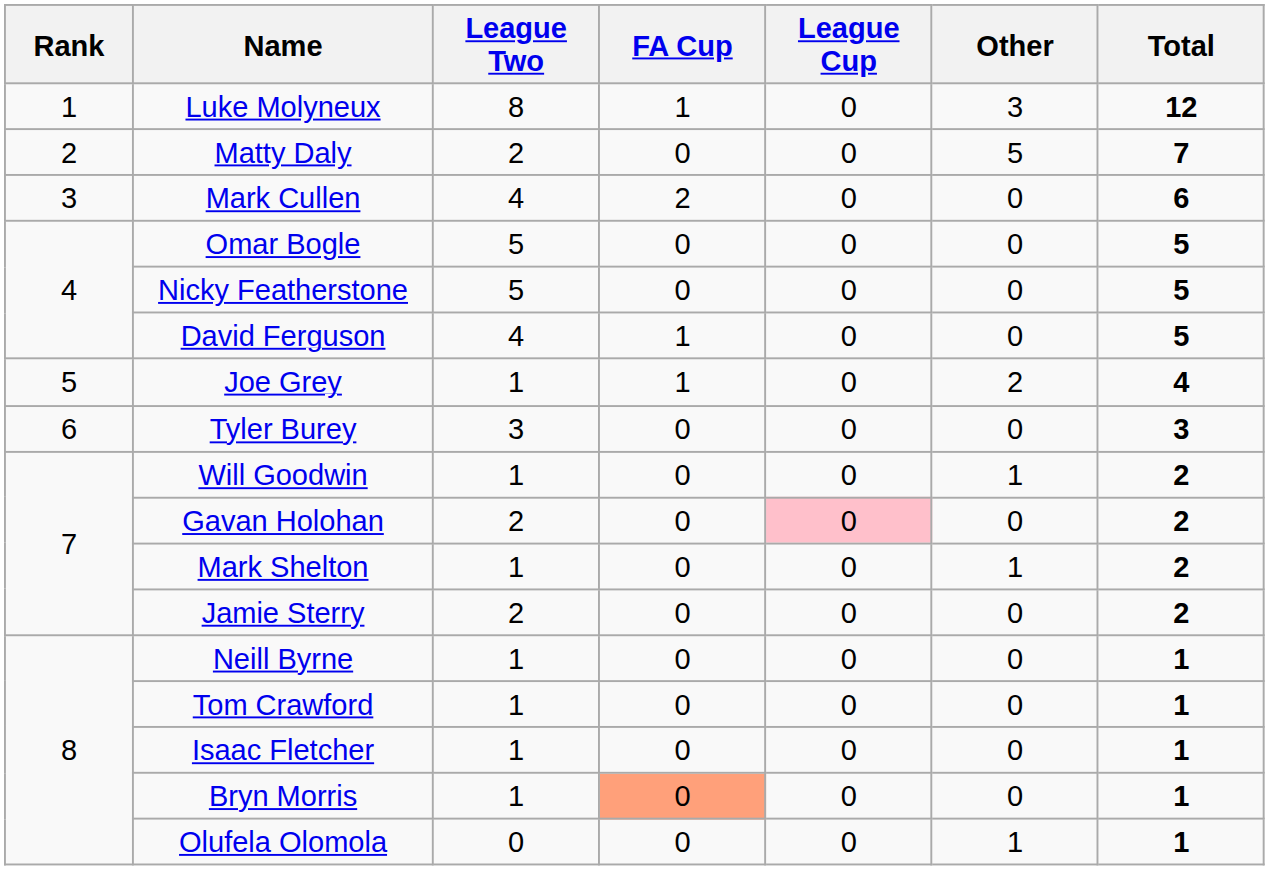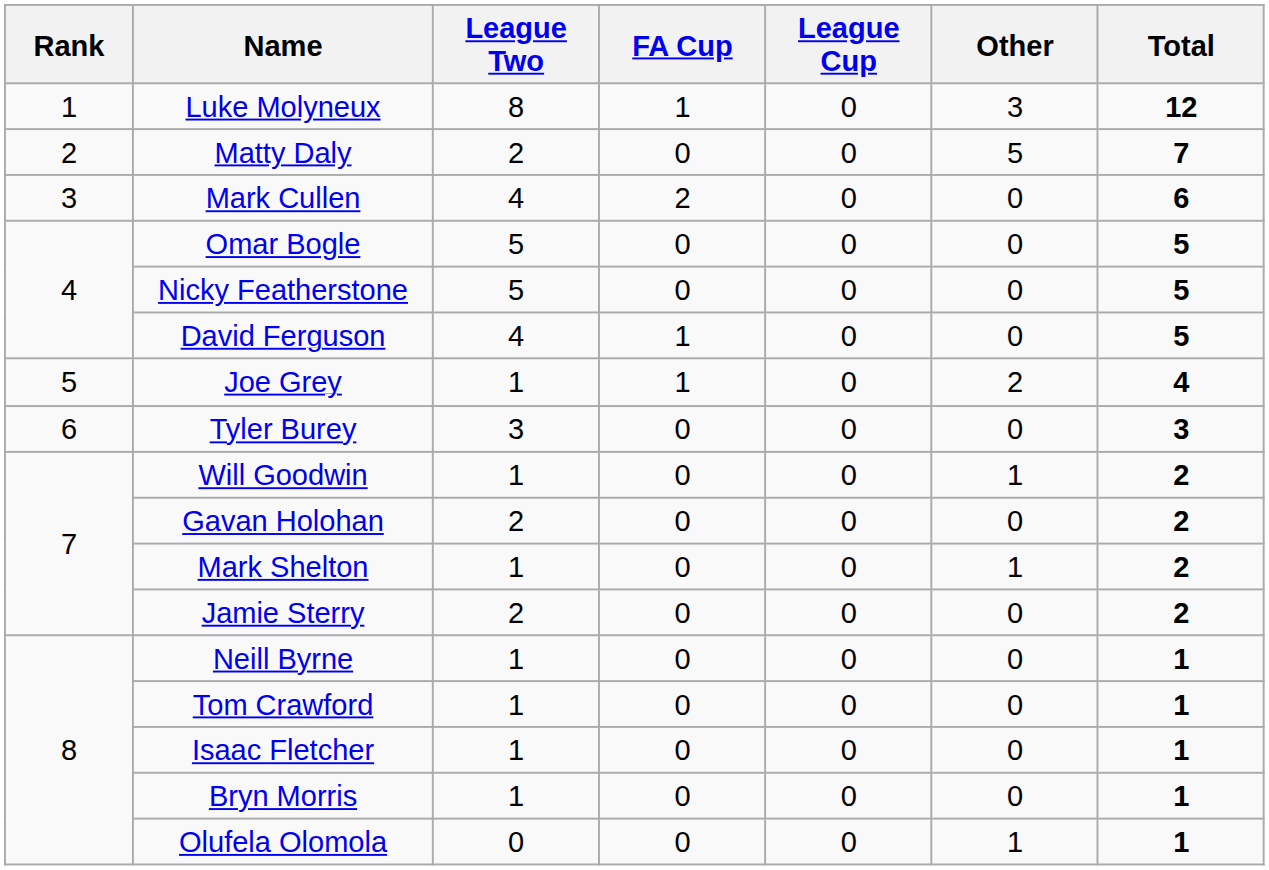 <table class="wikitable" style="font-size: 95%; text-align: center;">
 <tr>
 <th width=60>Rank</th>
 <th width=150>Name</th>
 <th width=80><a href='#'>League Two</a></th>
 <th width=80><a href='#'>FA Cup</a></th>
 <th width=80><a href='#'>League Cup</a></th>
 <th width=80>Other</th>
 <th width=80><strong>Total</strong></th>
 </tr>
 <tr>
 <td>1</td>
 <td><a href='#'>Luke Molyneux</a></td>
 <td>8</td>
 <td>1</td>
 <td>0</td>
 <td>3</td>
 <td><strong>12</strong></td>
 </tr>
 <tr>
 <td>2</td>
 <td><a href='#'>Matty Daly</a></td>
 <td>2</td>
 <td>0</td>
 <td>0</td>
 <td>5</td>
 <td><strong>7</strong></td>
 </tr>
 <tr>
 <td>3</td>
 <td><a href='#'>Mark Cullen</a></td>
 <td>4</td>
 <td>2</td>
 <td>0</td>
 <td>0</td>
 <td><strong>6</strong></td>
 </tr>
 <tr>
 <td rowspan=3>4</td>
 <td><a href='#'>Omar Bogle</a></td>
 <td>5</td>
 <td>0</td>
 <td>0</td>
 <td>0</td>
 <td><strong>5</strong></td>
 </tr>
 <tr>
 <td><a href='#'>Nicky Featherstone</a></td>
 <td>5</td>
 <td>0</td>
 <td>0</td>
 <td>0</td>
 <td><strong>5</strong></td>
 </tr>
 <tr>
 <td><a href='#'>David Ferguson</a></td>
 <td>4</td>
 <td>1</td>
 <td>0</td>
 <td>0</td>
 <td><strong>5</strong></td>
 </tr>
 <tr>
 <td>5</td>
 <td><a href='#'>Joe Grey</a></td>
 <td>1</td>
 <td>1</td>
 <td>0</td>
 <td>2</td>
 <td><strong>4</strong></td>
 </tr>
 <tr>
 <td>6</td>
 <td><a href='#'>Tyler Burey</a></td>
 <td>3</td>
 <td>0</td>
 <td>0</td>
 <td>0</td>
 <td><strong>3</strong></td>
 </tr>
 <tr>
 <td rowspan=4>7</td>
 <td><a href='#'>Will Goodwin</a></td>
 <td>1</td>
 <td>0</td>
 <td>0</td>
 <td>1</td>
 <td><strong>2</strong></td>
 </tr>
 <tr>
 <td><a href='#'>Gavan Holohan</a></td>
 <td>2</td>
 <td>0</td>
-<td style="background: pink;">0</td>
+<td>0</td>
 <td>0</td>
 <td><strong>2</strong></td>
 </tr>
 <tr>
 <td><a href='#'>Mark Shelton</a></td>
 <td>1</td>
 <td>0</td>
 <td>0</td>
 <td>1</td>
 <td><strong>2</strong></td>
 </tr>
 <tr>
 <td><a href='#'>Jamie Sterry</a></td>
 <td>2</td>
 <td>0</td>
 <td>0</td>
 <td>0</td>
 <td><strong>2</strong></td>
 </tr>
 <tr>
 <td rowspan=5>8</td>
 <td><a href='#'>Neill Byrne</a></td>
 <td>1</td>
 <td>0</td>
 <td>0</td>
 <td>0</td>
 <td><strong>1</strong></td>
 </tr>
 <tr>
 <td><a href='#'>Tom Crawford</a></td>
 <td>1</td>
 <td>0</td>
 <td>0</td>
 <td>0</td>
 <td><strong>1</strong></td>
 </tr>
 <tr>
 <td><a href='#'>Isaac Fletcher</a></td>
 <td>1</td>
 <td>0</td>
 <td>0</td>
 <td>0</td>
 <td><strong>1</strong></td>
 </tr>
 <tr>
 <td><a href='#'>Bryn Morris</a></td>
 <td>1</td>
-<td style="background: lightsalmon;">0</td>
+<td>0</td>
 <td>0</td>
 <td>0</td>
 <td><strong>1</strong></td>
 </tr>
 <tr>
 <td><a href='#'>Olufela Olomola</a></td>
 <td>0</td>
 <td>0</td>
 <td>0</td>
 <td>1</td>
 <td><strong>1</strong></td>
 </tr>
 </table>
